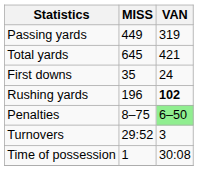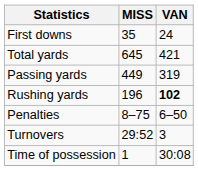 <table class="wikitable" style="float: left;">
 <tr>
 <th>Statistics</th>
 <th>MISS</th>
 <th>VAN</th>
 </tr>
 <tr>
-<td>Passing yards</td>
-<td>449</td>
-<td>319</td>
+<td>First downs</td>
+<td>35</td>
+<td>24</td>
 </tr>
 <tr>
 <td>Total yards</td>
 <td>645</td>
 <td>421</td>
 </tr>
 <tr>
-<td>First downs</td>
-<td>35</td>
-<td>24</td>
+<td>Passing yards</td>
+<td>449</td>
+<td>319</td>
 </tr>
 <tr>
 <td>Rushing yards</td>
 <td>196</td>
 <td><strong>102</strong></td>
 </tr>
 <tr>
 <td>Penalties</td>
 <td>8–75</td>
-<td style="background: lightgreen;">6–50</td>
+<td>6–50</td>
 </tr>
 <tr>
 <td>Turnovers</td>
 <td>29:52</td>
 <td>3</td>
 </tr>
 <tr>
 <td>Time of possession</td>
 <td>1</td>
 <td>30:08</td>
 </tr>
 <tr>
 </tr>
 </table>
